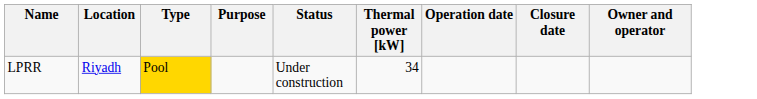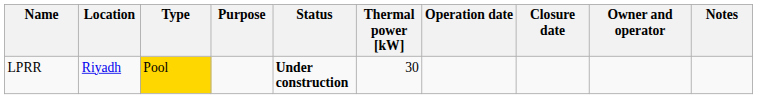 <table class="wikitable" >
 <tr valign="top">
 <th width="80">Name</th>
 <th width="65">Location</th>
 <th width="76">Type</th>
 <th width="65">Purpose</th>
 <th width="91">Status</th>
 <th width="70“">Thermal power [kW]</th>
 <th width=„67“>Operation date</th>
 <th width="78“">Closure date</th>
 <th width="113“">Owner and operator</th>
+<th width="65">Notes</th>
 </tr>
 <tr valign="top">
 <td>LPRR</td>
 <td><a href='#'>Riyadh</a></td>
 <td style="background: gold;">Pool</td>
 <td></td>
-<td>Under construction</td>
-<td align="right">34</td>
+<td><strong>Under construction</strong></td>
+<td align="right">30</td>
 <td> </td>
+<td></td>
 <td></td>
 <td></td>
 </tr>
 </table>
